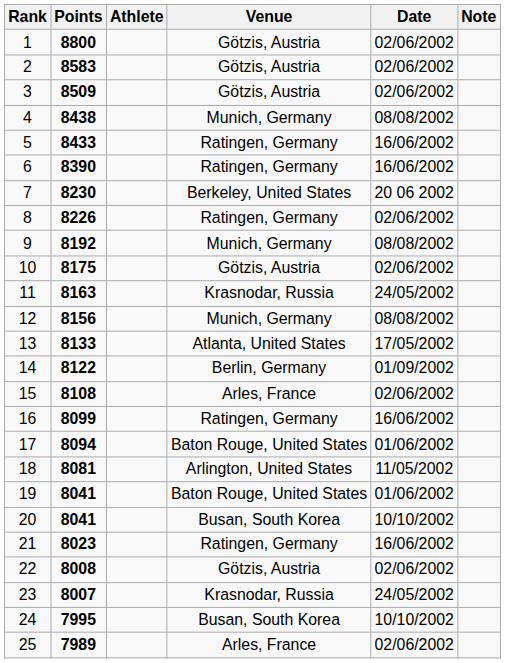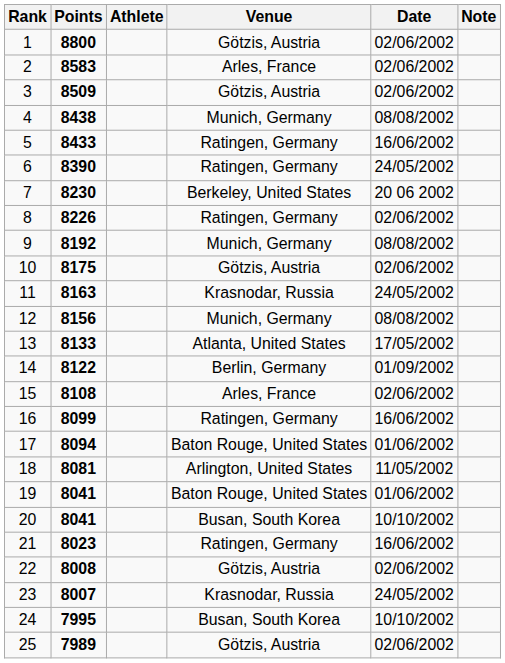 <table class="wikitable" style=" text-align:center;">
 <tr>
 <th>Rank</th>
 <th>Points</th>
 <th>Athlete</th>
 <th>Venue</th>
 <th>Date</th>
 <th>Note</th>
 </tr>
 <tr>
 <td>1</td>
 <td><strong>8800</strong></td>
 <td align=left></td>
 <td>Götzis, Austria</td>
 <td>02/06/2002</td>
 <td></td>
 </tr>
 <tr>
 <td>2</td>
 <td><strong>8583</strong></td>
 <td align=left></td>
-<td>Götzis, Austria</td>
+<td>Arles, France</td>
 <td>02/06/2002</td>
 <td></td>
 </tr>
 <tr>
 <td>3</td>
 <td><strong>8509</strong></td>
 <td align=left></td>
 <td>Götzis, Austria</td>
 <td>02/06/2002</td>
 <td></td>
 </tr>
 <tr>
 <td>4</td>
 <td><strong>8438</strong></td>
 <td align=left></td>
 <td>Munich, Germany</td>
 <td>08/08/2002</td>
 <td></td>
 </tr>
 <tr>
 <td>5</td>
 <td><strong>8433</strong></td>
 <td align=left></td>
 <td>Ratingen, Germany</td>
 <td>16/06/2002</td>
 <td></td>
 </tr>
 <tr>
 <td>6</td>
 <td><strong>8390</strong></td>
 <td align=left></td>
 <td>Ratingen, Germany</td>
-<td>16/06/2002</td>
+<td>24/05/2002</td>
 <td></td>
 </tr>
 <tr>
 <td>7</td>
 <td><strong>8230</strong></td>
 <td align=left></td>
 <td>Berkeley, United States</td>
 <td>20 06 2002</td>
 </tr>
 <tr>
 <td>8</td>
 <td><strong>8226</strong></td>
 <td align=left></td>
 <td>Ratingen, Germany</td>
 <td>02/06/2002</td>
 <td></td>
 </tr>
 <tr>
 <td>9</td>
 <td><strong>8192</strong></td>
 <td align=left></td>
 <td>Munich, Germany</td>
 <td>08/08/2002</td>
 <td></td>
 </tr>
 <tr>
 <td>10</td>
 <td><strong>8175</strong></td>
 <td align=left></td>
 <td>Götzis, Austria</td>
 <td>02/06/2002</td>
 <td></td>
 </tr>
 <tr>
 <td>11</td>
 <td><strong>8163</strong></td>
 <td align=left></td>
 <td>Krasnodar, Russia</td>
 <td>24/05/2002</td>
 <td></td>
 </tr>
 <tr>
 <td>12</td>
 <td><strong>8156</strong></td>
 <td align=left></td>
 <td>Munich, Germany</td>
 <td>08/08/2002</td>
 <td></td>
 </tr>
 <tr>
 <td>13</td>
 <td><strong>8133</strong></td>
 <td align=left></td>
 <td>Atlanta, United States</td>
 <td>17/05/2002</td>
 <td></td>
 </tr>
 <tr>
 <td>14</td>
 <td><strong>8122</strong></td>
 <td align=left></td>
 <td>Berlin, Germany</td>
 <td>01/09/2002</td>
 <td></td>
 </tr>
 <tr>
 <td>15</td>
 <td><strong>8108</strong></td>
 <td align=left></td>
 <td>Arles, France</td>
 <td>02/06/2002</td>
 <td></td>
 </tr>
 <tr>
 <td>16</td>
 <td><strong>8099</strong></td>
 <td align=left></td>
 <td>Ratingen, Germany</td>
 <td>16/06/2002</td>
 <td></td>
 </tr>
 <tr>
 <td>17</td>
 <td><strong>8094</strong></td>
 <td align=left></td>
 <td>Baton Rouge, United States</td>
 <td>01/06/2002</td>
 <td></td>
 </tr>
 <tr>
 <td>18</td>
 <td><strong>8081</strong></td>
 <td align=left></td>
 <td>Arlington, United States</td>
 <td>11/05/2002</td>
 <td></td>
 </tr>
 <tr>
 <td>19</td>
 <td><strong>8041</strong></td>
 <td align=left></td>
 <td>Baton Rouge, United States</td>
 <td>01/06/2002</td>
 <td></td>
 </tr>
 <tr>
 <td>20</td>
 <td><strong>8041</strong></td>
 <td align=left></td>
 <td>Busan, South Korea</td>
 <td>10/10/2002</td>
 <td></td>
 </tr>
 <tr>
 <td>21</td>
 <td><strong>8023</strong></td>
 <td align=left></td>
 <td>Ratingen, Germany</td>
 <td>16/06/2002</td>
 <td></td>
 </tr>
 <tr>
 <td>22</td>
 <td><strong>8008</strong></td>
 <td align=left></td>
 <td>Götzis, Austria</td>
 <td>02/06/2002</td>
 <td></td>
 </tr>
 <tr>
 <td>23</td>
 <td><strong>8007</strong></td>
 <td align=left></td>
 <td>Krasnodar, Russia</td>
 <td>24/05/2002</td>
 </tr>
 <tr>
 <td>24</td>
 <td><strong>7995</strong></td>
 <td align=left></td>
 <td>Busan, South Korea</td>
 <td>10/10/2002</td>
 <td></td>
 </tr>
 <tr>
 <td>25</td>
 <td><strong>7989</strong></td>
 <td align=left></td>
-<td>Arles, France</td>
+<td>Götzis, Austria</td>
 <td>02/06/2002</td>
 <td></td>
 </tr>
 </table>
